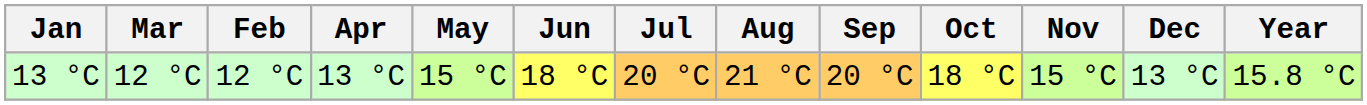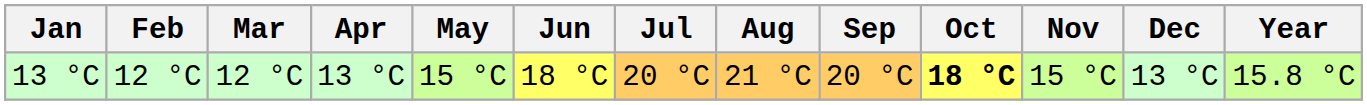 <table class="wikitable">
 <tr>
 <th><strong>Jan</strong></th>
+<th><strong>Feb</strong></th>
 <th><strong>Mar</strong></th>
-<th><strong>Feb</strong></th>
 <th><strong>Apr</strong></th>
 <th><strong>May</strong></th>
 <th><strong>Jun</strong></th>
 <th><strong>Jul</strong></th>
 <th><strong>Aug</strong></th>
 <th><strong>Sep</strong></th>
 <th><strong>Oct</strong></th>
 <th><strong>Nov</strong></th>
 <th><strong>Dec</strong></th>
 <th><strong>Year</strong></th>
 </tr>
 <tr>
 <td style="background: #CCFFCC; color: black;">13 °C</td>
 <td style="background: #CCFFCC; color: black;">12 °C</td>
 <td style="background: #CCFFCC; color: black;">12 °C</td>
 <td style="background: #CCFFCC; color: black;">13 °C</td>
 <td style="background: #CCFF99; color: black;">15 °C</td>
 <td style="background: #FFFF66; color: black;">18 °C</td>
 <td style="background: #FFCC66; color: black;">20 °C</td>
 <td style="background: #FFCC66; color: black;">21 °C</td>
 <td style="background: #FFCC66; color: black;">20 °C</td>
-<td style="background: #FFFF66; color: black;">18 °C</td>
+<td style="background: #FFFF66; color: black;"><strong>18 °C</strong></td>
 <td style="background: #CCFF99; color: black;">15 °C</td>
 <td style="background: #CCFFCC; color: black;">13 °C</td>
 <td style="background: #CCFF99; color: black;">15.8 °C</td>
 </tr>
 </table>
